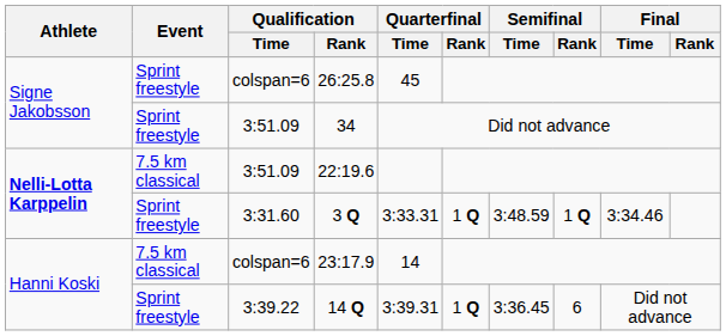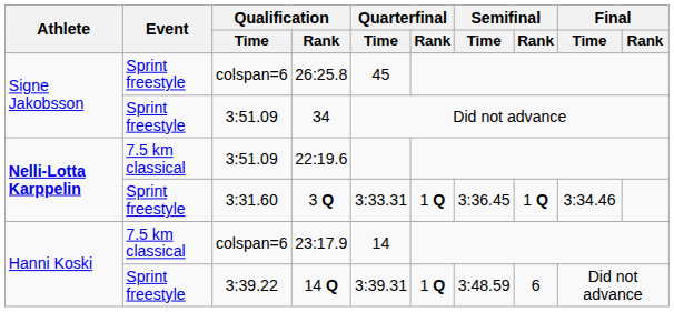 <table class="wikitable" style="font-size:90%">
 <tr>
 <th rowspan="2">Athlete</th>
 <th rowspan="2">Event</th>
 <th colspan="2">Qualification</th>
 <th colspan="2">Quarterfinal</th>
 <th colspan="2">Semifinal</th>
 <th colspan="2">Final</th>
 </tr>
 <tr style="font-size:95%">
 <th>Time</th>
 <th>Rank</th>
 <th>Time</th>
 <th>Rank</th>
 <th>Time</th>
 <th>Rank</th>
 <th>Time</th>
 <th>Rank</th>
 </tr>
 <tr align=center>
 <td align=left rowspan=2><a href='#'>Signe Jakobsson</a></td>
 <td align=left><a href='#'>Sprint freestyle</a></td>
 <td>colspan=6</td>
 <td>26:25.8</td>
 <td>45</td>
 </tr>
 <tr align=center>
 <td align=left><a href='#'>Sprint freestyle</a></td>
 <td>3:51.09</td>
 <td>34</td>
 <td colspan=6>Did not advance</td>
 </tr>
 <tr align=center>
 <td align=left rowspan=2><strong><a href='#'>Nelli-Lotta Karppelin</a></strong></td>
 <td align=left><a href='#'>7.5 km classical</a></td>
 <td>3:51.09</td>
 <td>22:19.6</td>
 <td></td>
 </tr>
 <tr align=center>
 <td align=left><a href='#'>Sprint freestyle</a></td>
 <td>3:31.60</td>
 <td>3 <strong>Q</strong></td>
 <td>3:33.31</td>
 <td>1 <strong>Q</strong></td>
-<td>3:48.59</td>
+<td>3:36.45</td>
 <td>1 <strong>Q</strong></td>
 <td>3:34.46</td>
 <td></td>
 </tr>
 <tr align=center>
 <td align=left rowspan=2><a href='#'>Hanni Koski</a></td>
 <td align=left><a href='#'>7.5 km classical</a></td>
 <td>colspan=6</td>
 <td>23:17.9</td>
 <td>14</td>
 </tr>
 <tr align=center>
 <td align=left><a href='#'>Sprint freestyle</a></td>
 <td>3:39.22</td>
 <td>14 <strong>Q</strong></td>
 <td>3:39.31</td>
 <td>1 <strong>Q</strong></td>
-<td>3:36.45</td>
+<td>3:48.59</td>
 <td>6</td>
 <td colspan=2>Did not advance</td>
 </tr>
 </table>
